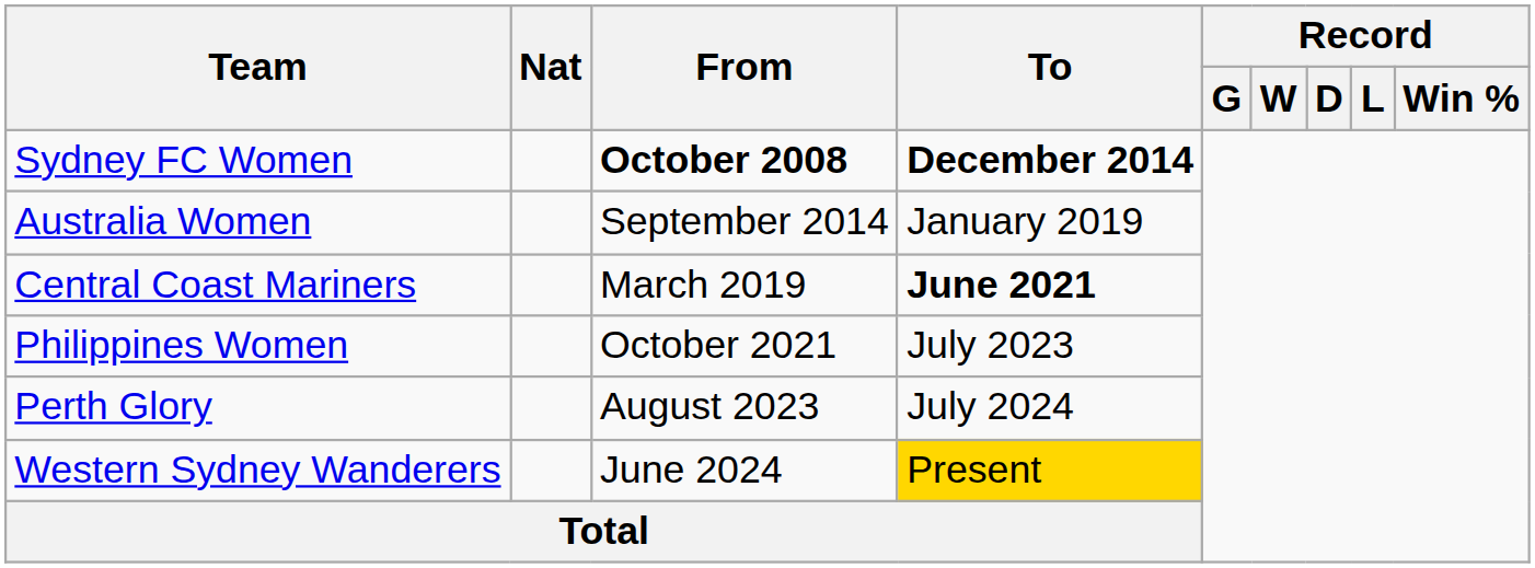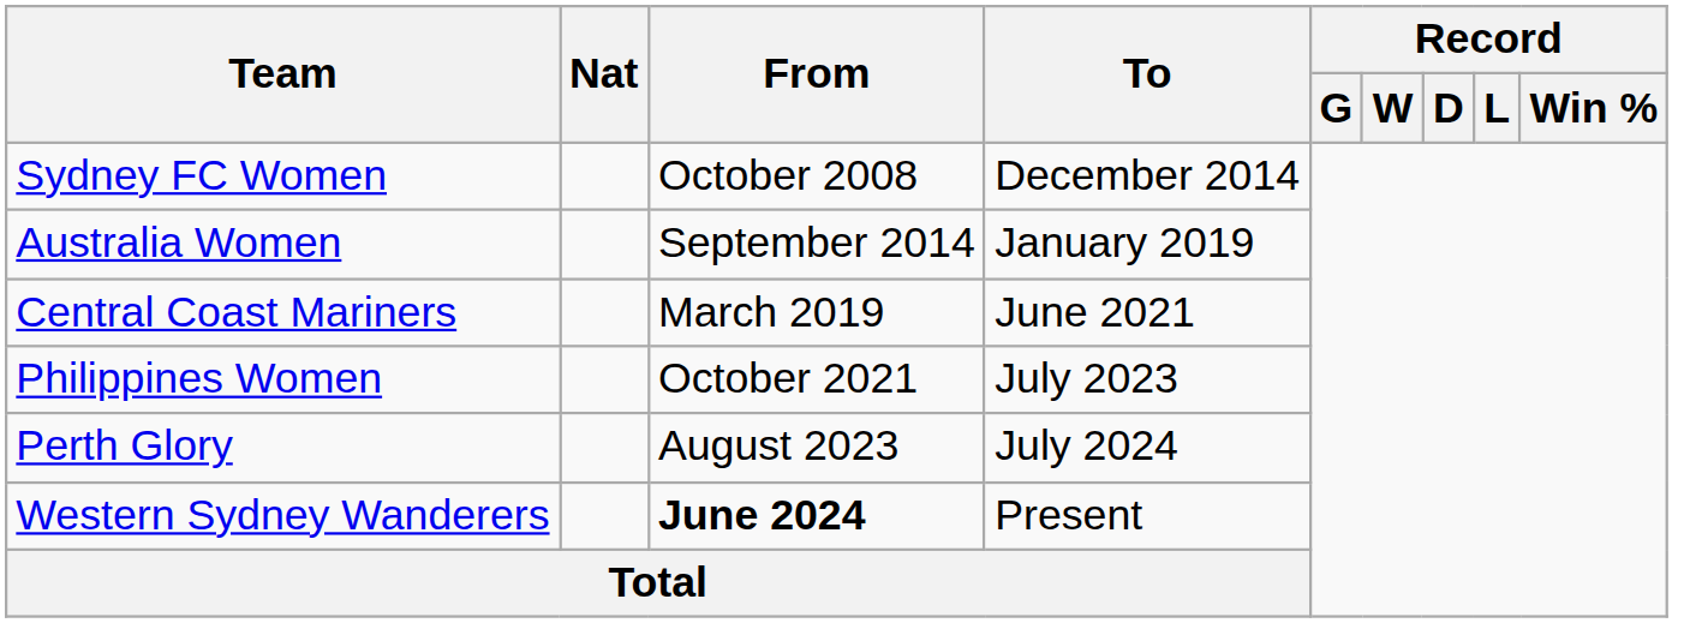 <table class="wikitable" style="text-align: center">
 <tr>
 <th rowspan=2>Team</th>
 <th rowspan=2>Nat</th>
 <th rowspan=2>From</th>
 <th rowspan=2>To</th>
 <th colspan=5>Record</th>
 </tr>
 <tr>
 <th>G</th>
 <th>W</th>
 <th>D</th>
 <th>L</th>
 <th>Win %</th>
 </tr>
 <tr>
 <td align=left><a href='#'>Sydney FC Women</a></td>
 <td></td>
-<td align=left><strong>October 2008</strong></td>
-<td align=left><strong>December 2014<br></strong></td>
+<td align=left>October 2008</td>
+<td align=left>December 2014<br></td>
 </tr>
 <tr>
 <td align=left><a href='#'>Australia Women</a></td>
 <td></td>
 <td align=left>September 2014</td>
 <td align=left>January 2019<br></td>
 </tr>
 <tr>
 <td align=left><a href='#'>Central Coast Mariners</a></td>
 <td></td>
 <td align=left>March 2019</td>
-<td align=left><strong>June 2021<br></strong></td>
+<td align=left>June 2021<br></td>
 </tr>
 <tr>
 <td align=left><a href='#'>Philippines Women</a></td>
 <td></td>
 <td align=left>October 2021</td>
 <td align=left>July 2023<br></td>
 </tr>
 <tr>
 <td align=left><a href='#'>Perth Glory</a></td>
 <td></td>
 <td align=left>August 2023</td>
 <td align=left>July 2024<br></td>
 </tr>
 <tr>
 <td align=left><a href='#'>Western Sydney Wanderers</a></td>
 <td></td>
-<td align=left>June 2024</td>
-<td align=left style="background: gold;">Present<br></td>
+<td align=left><strong>June 2024</strong></td>
+<td align=left>Present<br></td>
 </tr>
 <tr>
 <th colspan=4>Total<br></th>
 </tr>
 </table>
